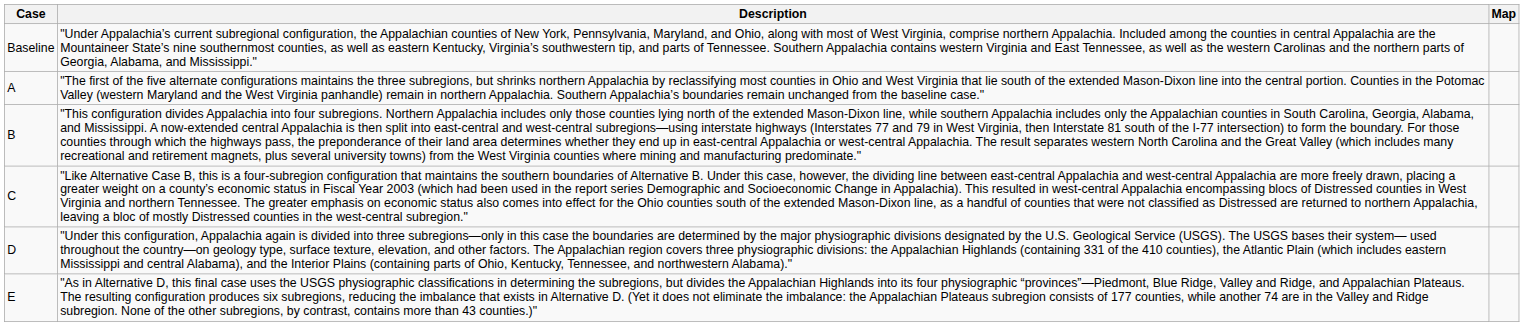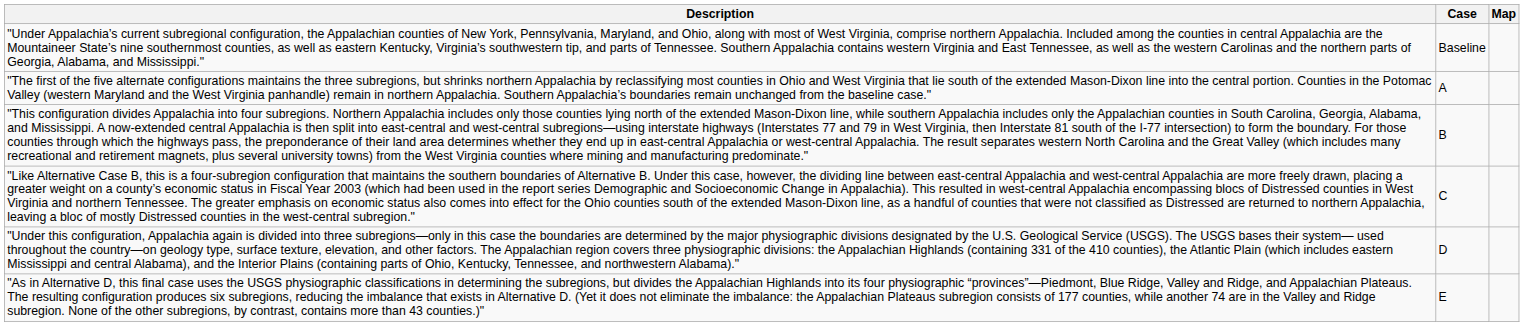 <table class="wikitable">
 <tr>
+<th>Description</th>
 <th>Case</th>
-<th>Description</th>
 <th>Map</th>
 </tr>
 <tr>
+<td>"Under Appalachia’s current subregional configuration, the Appalachian counties of New York, Pennsylvania, Maryland, and Ohio, along with most of West Virginia, comprise northern Appalachia. Included among the counties in central Appalachia are the Mountaineer State’s nine southernmost counties, as well as eastern Kentucky, Virginia’s southwestern tip, and parts of Tennessee. Southern Appalachia contains western Virginia and East Tennessee, as well as the western Carolinas and the northern parts of Georgia, Alabama, and Mississippi."</td>
 <td>Baseline</td>
-<td>"Under Appalachia’s current subregional configuration, the Appalachian counties of New York, Pennsylvania, Maryland, and Ohio, along with most of West Virginia, comprise northern Appalachia. Included among the counties in central Appalachia are the Mountaineer State’s nine southernmost counties, as well as eastern Kentucky, Virginia’s southwestern tip, and parts of Tennessee. Southern Appalachia contains western Virginia and East Tennessee, as well as the western Carolinas and the northern parts of Georgia, Alabama, and Mississippi."</td>
 <td></td>
 </tr>
 <tr>
+<td>"The first of the five alternate configurations maintains the three subregions, but shrinks northern Appalachia by reclassifying most counties in Ohio and West Virginia that lie south of the extended Mason-Dixon line into the central portion. Counties in the Potomac Valley (western Maryland and the West Virginia panhandle) remain in northern Appalachia. Southern Appalachia’s boundaries remain unchanged from the baseline case."</td>
 <td>A</td>
-<td>"The first of the five alternate configurations maintains the three subregions, but shrinks northern Appalachia by reclassifying most counties in Ohio and West Virginia that lie south of the extended Mason-Dixon line into the central portion. Counties in the Potomac Valley (western Maryland and the West Virginia panhandle) remain in northern Appalachia. Southern Appalachia’s boundaries remain unchanged from the baseline case."</td>
 <td></td>
 </tr>
 <tr>
+<td>"This configuration divides Appalachia into four subregions. Northern Appalachia includes only those counties lying north of the extended Mason-Dixon line, while southern Appalachia includes only the Appalachian counties in South Carolina, Georgia, Alabama, and Mississippi. A now-extended central Appalachia is then split into east-central and west-central subregions—using interstate highways (Interstates 77 and 79 in West Virginia, then Interstate 81 south of the I-77 intersection) to form the boundary. For those counties through which the highways pass, the preponderance of their land area determines whether they end up in east-central Appalachia or west-central Appalachia. The result separates western North Carolina and the Great Valley (which includes many recreational and retirement magnets, plus several university towns) from the West Virginia counties where mining and manufacturing predominate."</td>
 <td>B</td>
-<td>"This configuration divides Appalachia into four subregions. Northern Appalachia includes only those counties lying north of the extended Mason-Dixon line, while southern Appalachia includes only the Appalachian counties in South Carolina, Georgia, Alabama, and Mississippi. A now-extended central Appalachia is then split into east-central and west-central subregions—using interstate highways (Interstates 77 and 79 in West Virginia, then Interstate 81 south of the I-77 intersection) to form the boundary. For those counties through which the highways pass, the preponderance of their land area determines whether they end up in east-central Appalachia or west-central Appalachia. The result separates western North Carolina and the Great Valley (which includes many recreational and retirement magnets, plus several university towns) from the West Virginia counties where mining and manufacturing predominate."</td>
 <td></td>
 </tr>
 <tr>
+<td>"Like Alternative Case B, this is a four-subregion configuration that maintains the southern boundaries of Alternative B. Under this case, however, the dividing line between east-central Appalachia and west-central Appalachia are more freely drawn, placing a greater weight on a county’s economic status in Fiscal Year 2003 (which had been used in the report series Demographic and Socioeconomic Change in Appalachia). This resulted in west-central Appalachia encompassing blocs of Distressed counties in West Virginia and northern Tennessee. The greater emphasis on economic status also comes into effect for the Ohio counties south of the extended Mason-Dixon line, as a handful of counties that were not classified as Distressed are returned to northern Appalachia, leaving a bloc of mostly Distressed counties in the west-central subregion."</td>
 <td>C</td>
-<td>"Like Alternative Case B, this is a four-subregion configuration that maintains the southern boundaries of Alternative B. Under this case, however, the dividing line between east-central Appalachia and west-central Appalachia are more freely drawn, placing a greater weight on a county’s economic status in Fiscal Year 2003 (which had been used in the report series Demographic and Socioeconomic Change in Appalachia). This resulted in west-central Appalachia encompassing blocs of Distressed counties in West Virginia and northern Tennessee. The greater emphasis on economic status also comes into effect for the Ohio counties south of the extended Mason-Dixon line, as a handful of counties that were not classified as Distressed are returned to northern Appalachia, leaving a bloc of mostly Distressed counties in the west-central subregion."</td>
 <td></td>
 </tr>
 <tr>
+<td>"Under this configuration, Appalachia again is divided into three subregions—only in this case the boundaries are determined by the major physiographic divisions designated by the U.S. Geological Service (USGS). The USGS bases their system— used throughout the country—on geology type, surface texture, elevation, and other factors. The Appalachian region covers three physiographic divisions: the Appalachian Highlands (containing 331 of the 410 counties), the Atlantic Plain (which includes eastern Mississippi and central Alabama), and the Interior Plains (containing parts of Ohio, Kentucky, Tennessee, and northwestern Alabama)."</td>
 <td>D</td>
-<td>"Under this configuration, Appalachia again is divided into three subregions—only in this case the boundaries are determined by the major physiographic divisions designated by the U.S. Geological Service (USGS). The USGS bases their system— used throughout the country—on geology type, surface texture, elevation, and other factors. The Appalachian region covers three physiographic divisions: the Appalachian Highlands (containing 331 of the 410 counties), the Atlantic Plain (which includes eastern Mississippi and central Alabama), and the Interior Plains (containing parts of Ohio, Kentucky, Tennessee, and northwestern Alabama)."</td>
 <td></td>
 </tr>
 <tr>
+<td>"As in Alternative D, this final case uses the USGS physiographic classifications in determining the subregions, but divides the Appalachian Highlands into its four physiographic “provinces”—Piedmont, Blue Ridge, Valley and Ridge, and Appalachian Plateaus. The resulting configuration produces six subregions, reducing the imbalance that exists in Alternative D. (Yet it does not eliminate the imbalance: the Appalachian Plateaus subregion consists of 177 counties, while another 74 are in the Valley and Ridge subregion. None of the other subregions, by contrast, contains more than 43 counties.)"</td>
 <td>E</td>
-<td>"As in Alternative D, this final case uses the USGS physiographic classifications in determining the subregions, but divides the Appalachian Highlands into its four physiographic “provinces”—Piedmont, Blue Ridge, Valley and Ridge, and Appalachian Plateaus. The resulting configuration produces six subregions, reducing the imbalance that exists in Alternative D. (Yet it does not eliminate the imbalance: the Appalachian Plateaus subregion consists of 177 counties, while another 74 are in the Valley and Ridge subregion. None of the other subregions, by contrast, contains more than 43 counties.)"</td>
 <td></td>
 </tr>
 </table>
